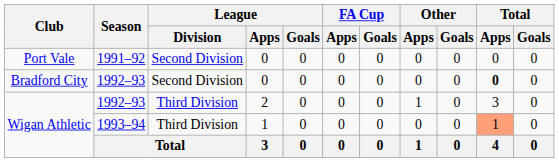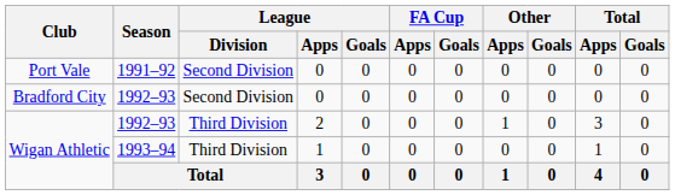 <table class="wikitable" style="text-align:center">
 <tr>
 <th rowspan="2">Club</th>
 <th rowspan="2">Season</th>
 <th colspan="3">League</th>
 <th colspan="2"><a href='#'>FA Cup</a></th>
 <th colspan="2">Other</th>
 <th colspan="2">Total</th>
 </tr>
 <tr>
 <th>Division</th>
 <th>Apps</th>
 <th>Goals</th>
 <th>Apps</th>
 <th>Goals</th>
 <th>Apps</th>
 <th>Goals</th>
 <th>Apps</th>
 <th>Goals</th>
 </tr>
 <tr>
 <td><a href='#'>Port Vale</a></td>
 <td><a href='#'>1991–92</a></td>
 <td><a href='#'>Second Division</a></td>
 <td>0</td>
 <td>0</td>
 <td>0</td>
 <td>0</td>
 <td>0</td>
 <td>0</td>
 <td>0</td>
 <td>0</td>
 </tr>
 <tr>
 <td><a href='#'>Bradford City</a></td>
 <td><a href='#'>1992–93</a></td>
 <td>Second Division</td>
 <td>0</td>
 <td>0</td>
 <td>0</td>
 <td>0</td>
 <td>0</td>
 <td>0</td>
-<td><strong>0</strong></td>
+<td>0</td>
 <td>0</td>
 </tr>
 <tr>
 <td rowspan="3"><a href='#'>Wigan Athletic</a></td>
 <td><a href='#'>1992–93</a></td>
 <td><a href='#'>Third Division</a></td>
 <td>2</td>
 <td>0</td>
 <td>0</td>
 <td>0</td>
 <td>1</td>
 <td>0</td>
 <td>3</td>
 <td>0</td>
 </tr>
 <tr>
 <td><a href='#'>1993–94</a></td>
 <td>Third Division</td>
 <td>1</td>
 <td>0</td>
 <td>0</td>
 <td>0</td>
 <td>0</td>
 <td>0</td>
-<td style="background: lightsalmon;">1</td>
+<td>1</td>
 <td>0</td>
 </tr>
 <tr>
 <th colspan="2">Total</th>
 <th>3</th>
 <th>0</th>
 <th>0</th>
 <th>0</th>
 <th>1</th>
 <th>0</th>
 <th>4</th>
 <th>0</th>
 </tr>
 </table>
